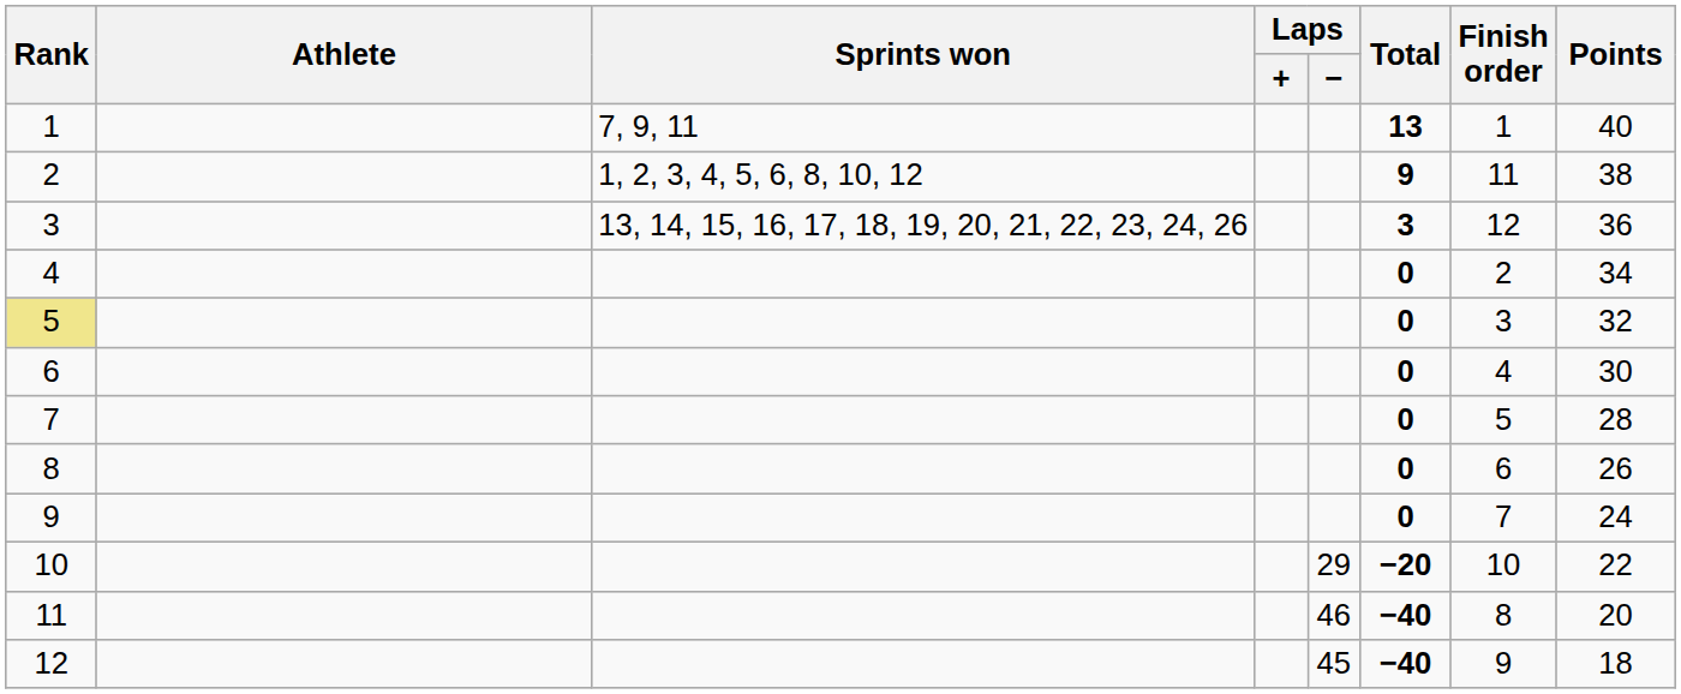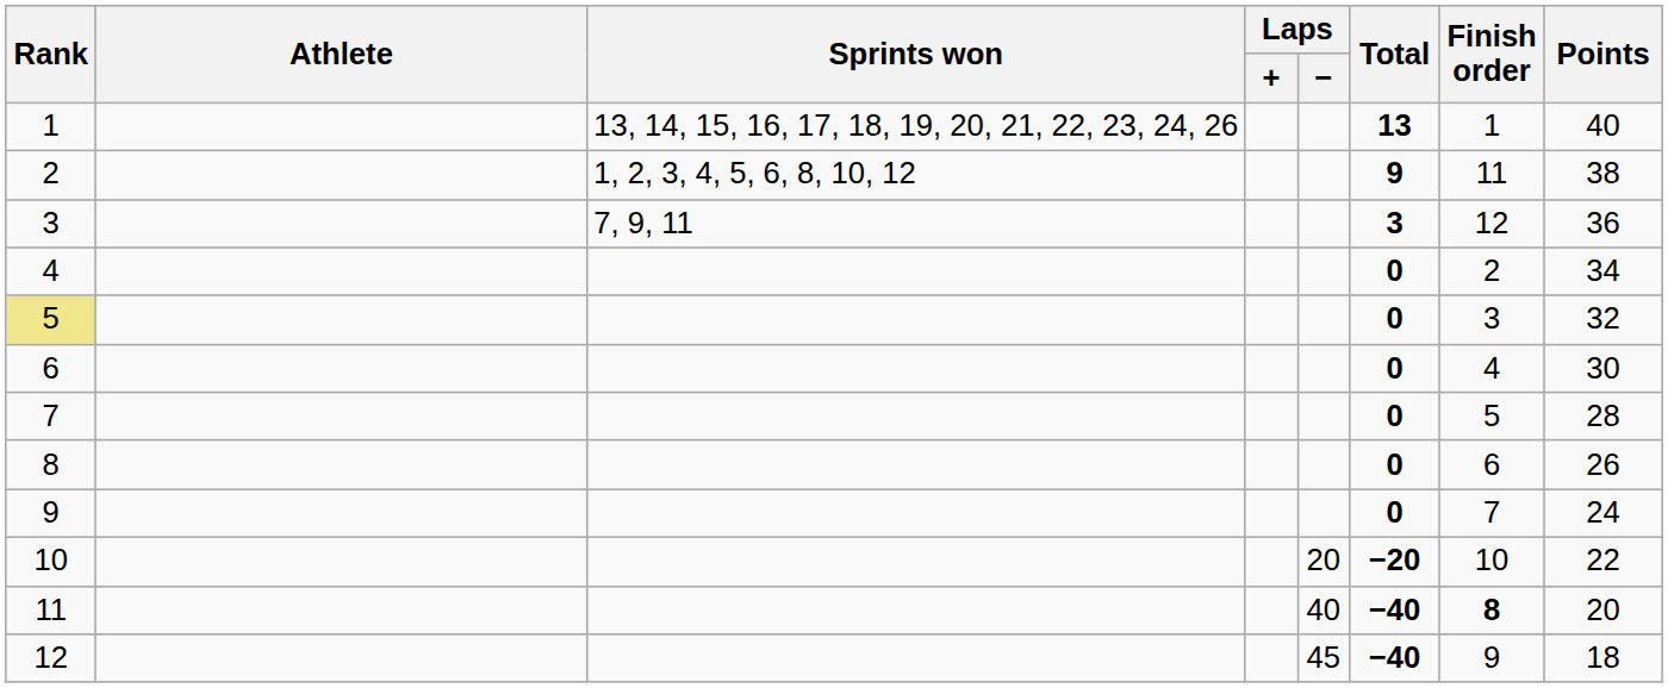 <table class=wikitable style="text-align:center">
 <tr>
 <th rowspan=2 width=40>Rank</th>
 <th rowspan=2 width=250>Athlete</th>
 <th rowspan=2>Sprints won</th>
 <th colspan=2>Laps</th>
 <th rowspan=2 width=40>Total</th>
 <th rowspan=2 width=40>Finish order</th>
 <th rowspan=2 width=55>Points</th>
 </tr>
 <tr>
 <th width=20>+</th>
 <th width=20>−</th>
 </tr>
 <tr>
 <td>1</td>
 <td align=left></td>
-<td align=left>7, 9, 11</td>
+<td align=left>13, 14, 15, 16, 17, 18, 19, 20, 21, 22, 23, 24, 26</td>
 <td></td>
 <td></td>
 <td><strong>13</strong></td>
 <td>1</td>
 <td>40</td>
 </tr>
 <tr>
 <td>2</td>
 <td align=left></td>
 <td align=left>1, 2, 3, 4, 5, 6, 8, 10, 12</td>
 <td></td>
 <td></td>
 <td><strong>9</strong></td>
 <td>11</td>
 <td>38</td>
 </tr>
 <tr>
 <td>3</td>
 <td align=left></td>
-<td align=left>13, 14, 15, 16, 17, 18, 19, 20, 21, 22, 23, 24, 26</td>
+<td align=left>7, 9, 11</td>
 <td></td>
 <td></td>
 <td><strong>3</strong></td>
 <td>12</td>
 <td>36</td>
 </tr>
 <tr>
 <td>4</td>
 <td align=left></td>
 <td align=left></td>
 <td></td>
 <td></td>
 <td><strong>0</strong></td>
 <td>2</td>
 <td>34</td>
 </tr>
 <tr>
 <td style="background: khaki;">5</td>
 <td align=left></td>
 <td align=left></td>
 <td></td>
 <td></td>
 <td><strong>0</strong></td>
 <td>3</td>
 <td>32</td>
 </tr>
 <tr>
 <td>6</td>
 <td align=left></td>
 <td align=left></td>
 <td></td>
 <td></td>
 <td><strong>0</strong></td>
 <td>4</td>
 <td>30</td>
 </tr>
 <tr>
 <td>7</td>
 <td align=left></td>
 <td align=left></td>
 <td></td>
 <td></td>
 <td><strong>0</strong></td>
 <td>5</td>
 <td>28</td>
 </tr>
 <tr>
 <td>8</td>
 <td align=left></td>
 <td align=left></td>
 <td></td>
 <td></td>
 <td><strong>0</strong></td>
 <td>6</td>
 <td>26</td>
 </tr>
 <tr>
 <td>9</td>
 <td align=left></td>
 <td align=left></td>
 <td></td>
 <td></td>
 <td><strong>0</strong></td>
 <td>7</td>
 <td>24</td>
 </tr>
 <tr>
 <td>10</td>
 <td align=left></td>
 <td align=left></td>
 <td></td>
-<td>29</td>
+<td>20</td>
 <td><strong>−20</strong></td>
 <td>10</td>
 <td>22</td>
 </tr>
 <tr>
 <td>11</td>
 <td align=left></td>
 <td align=left></td>
 <td></td>
-<td>46</td>
+<td>40</td>
 <td><strong>−40</strong></td>
-<td>8</td>
+<td><strong>8</strong></td>
 <td>20</td>
 </tr>
 <tr>
 <td>12</td>
 <td align=left></td>
 <td align=left></td>
 <td></td>
 <td>45</td>
 <td><strong>−40</strong></td>
 <td>9</td>
 <td>18</td>
 </tr>
 </table>
